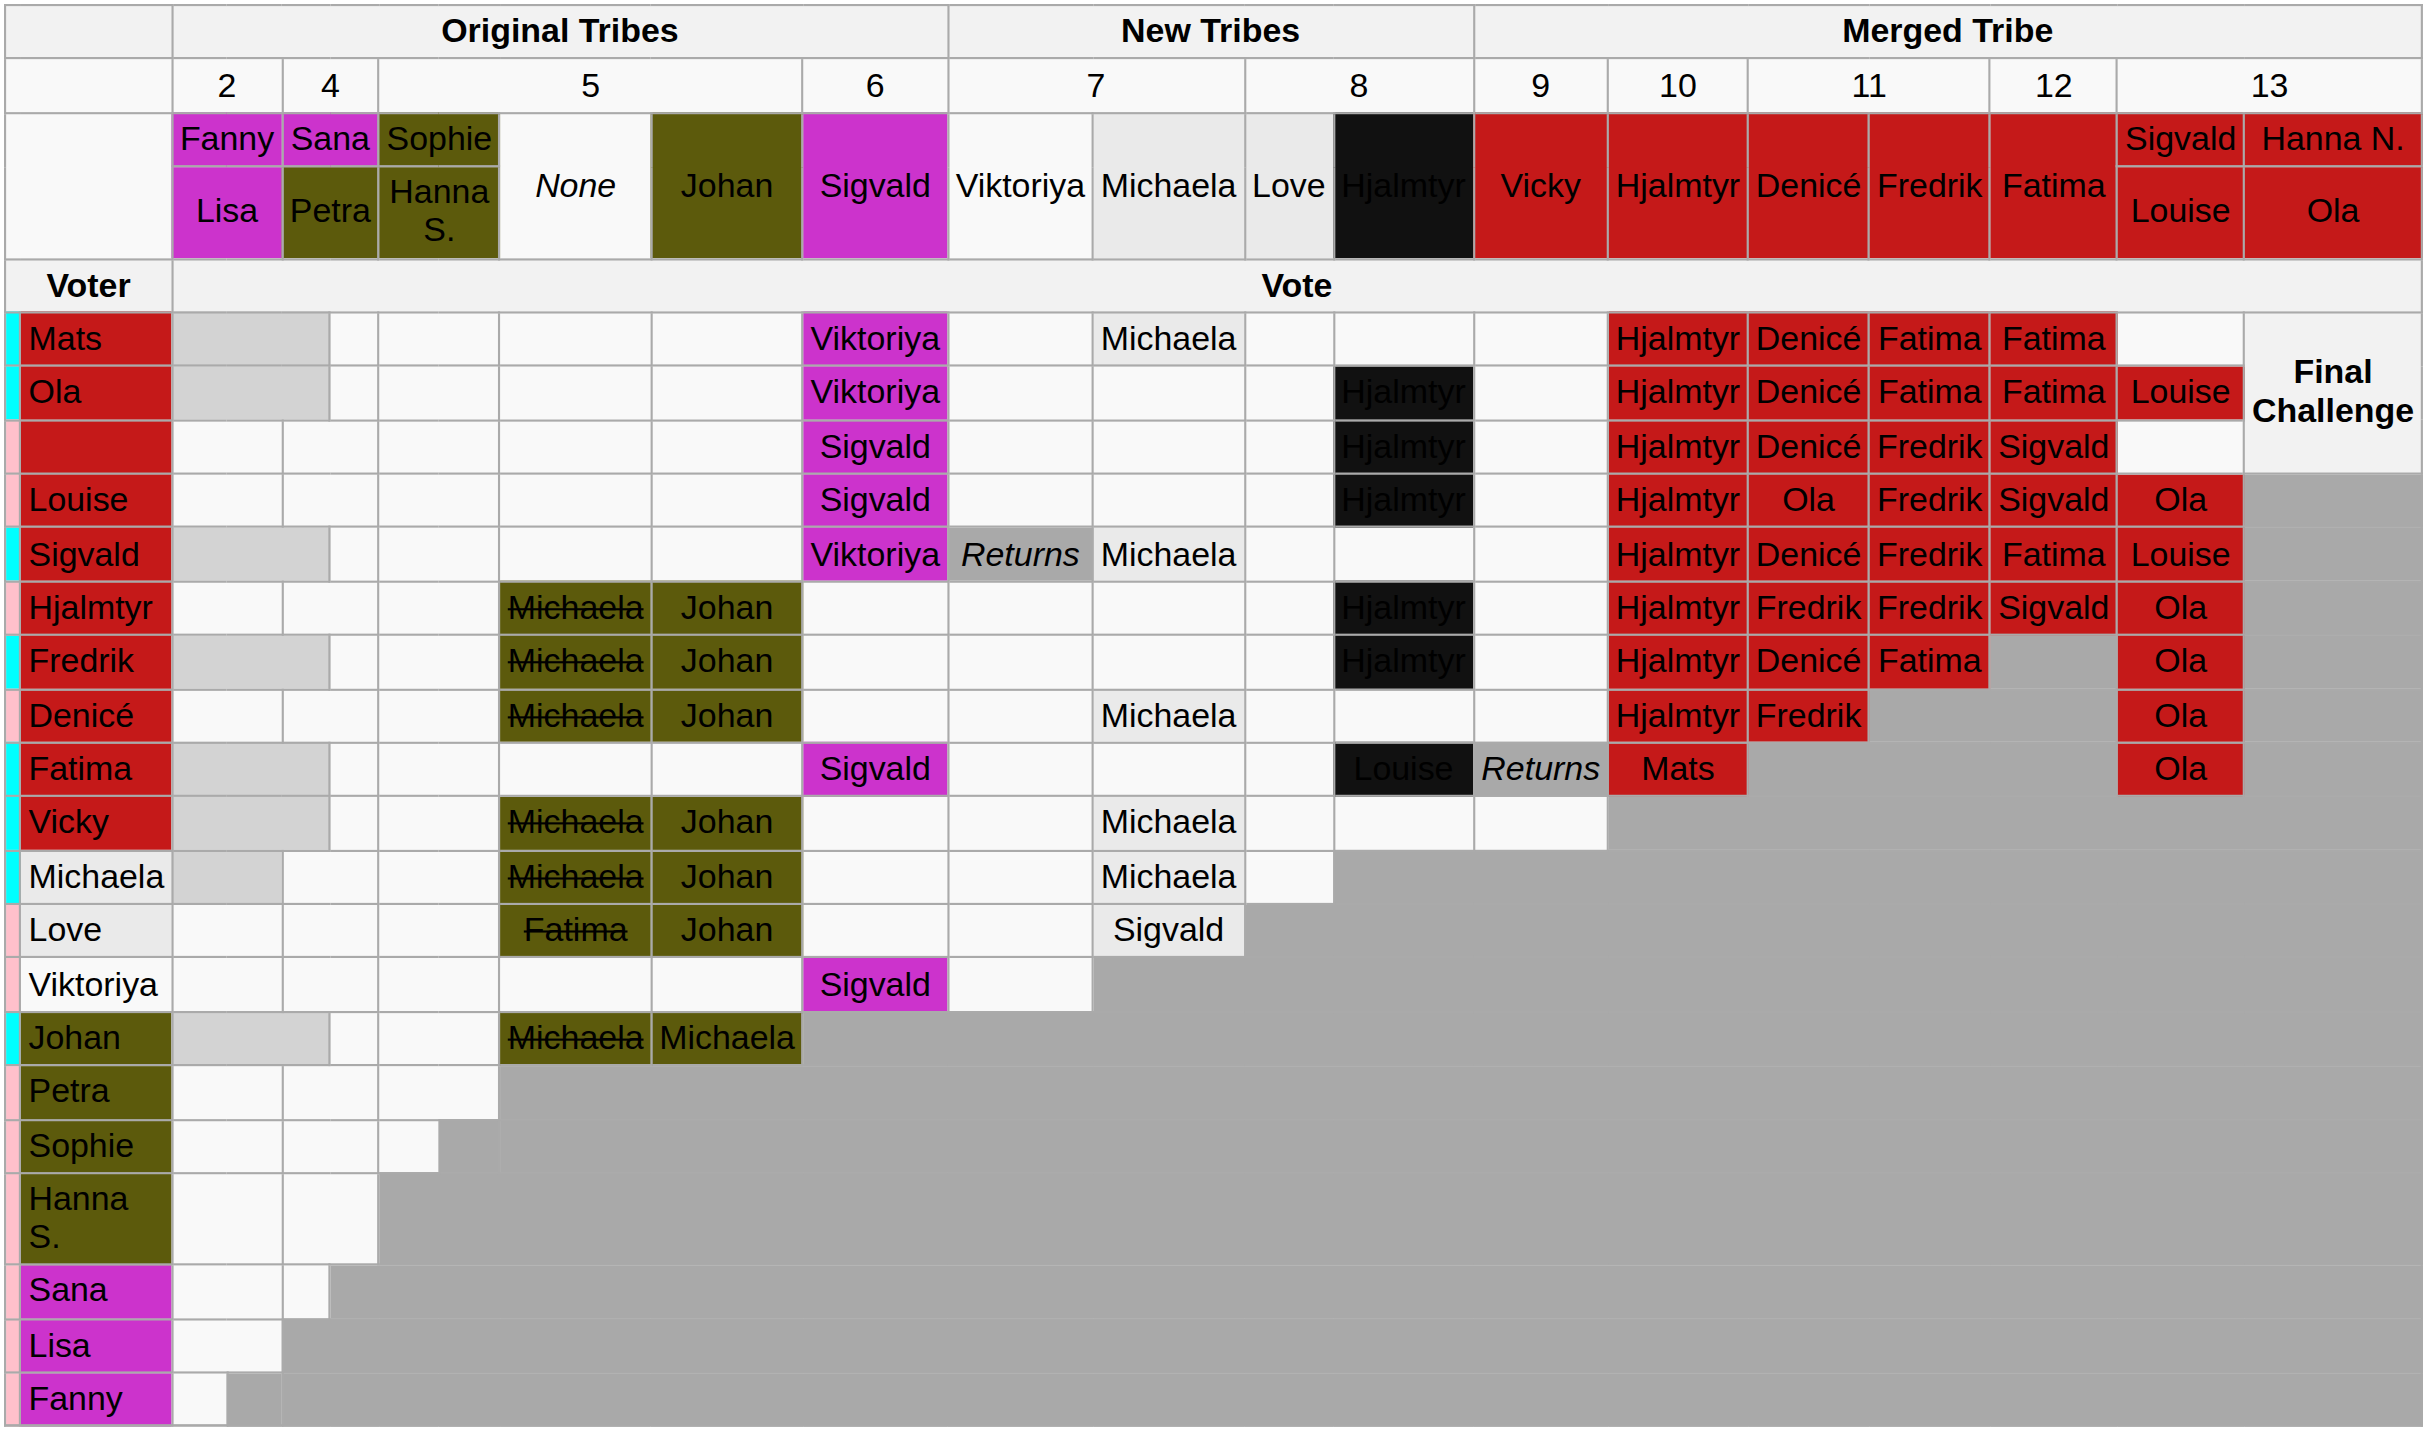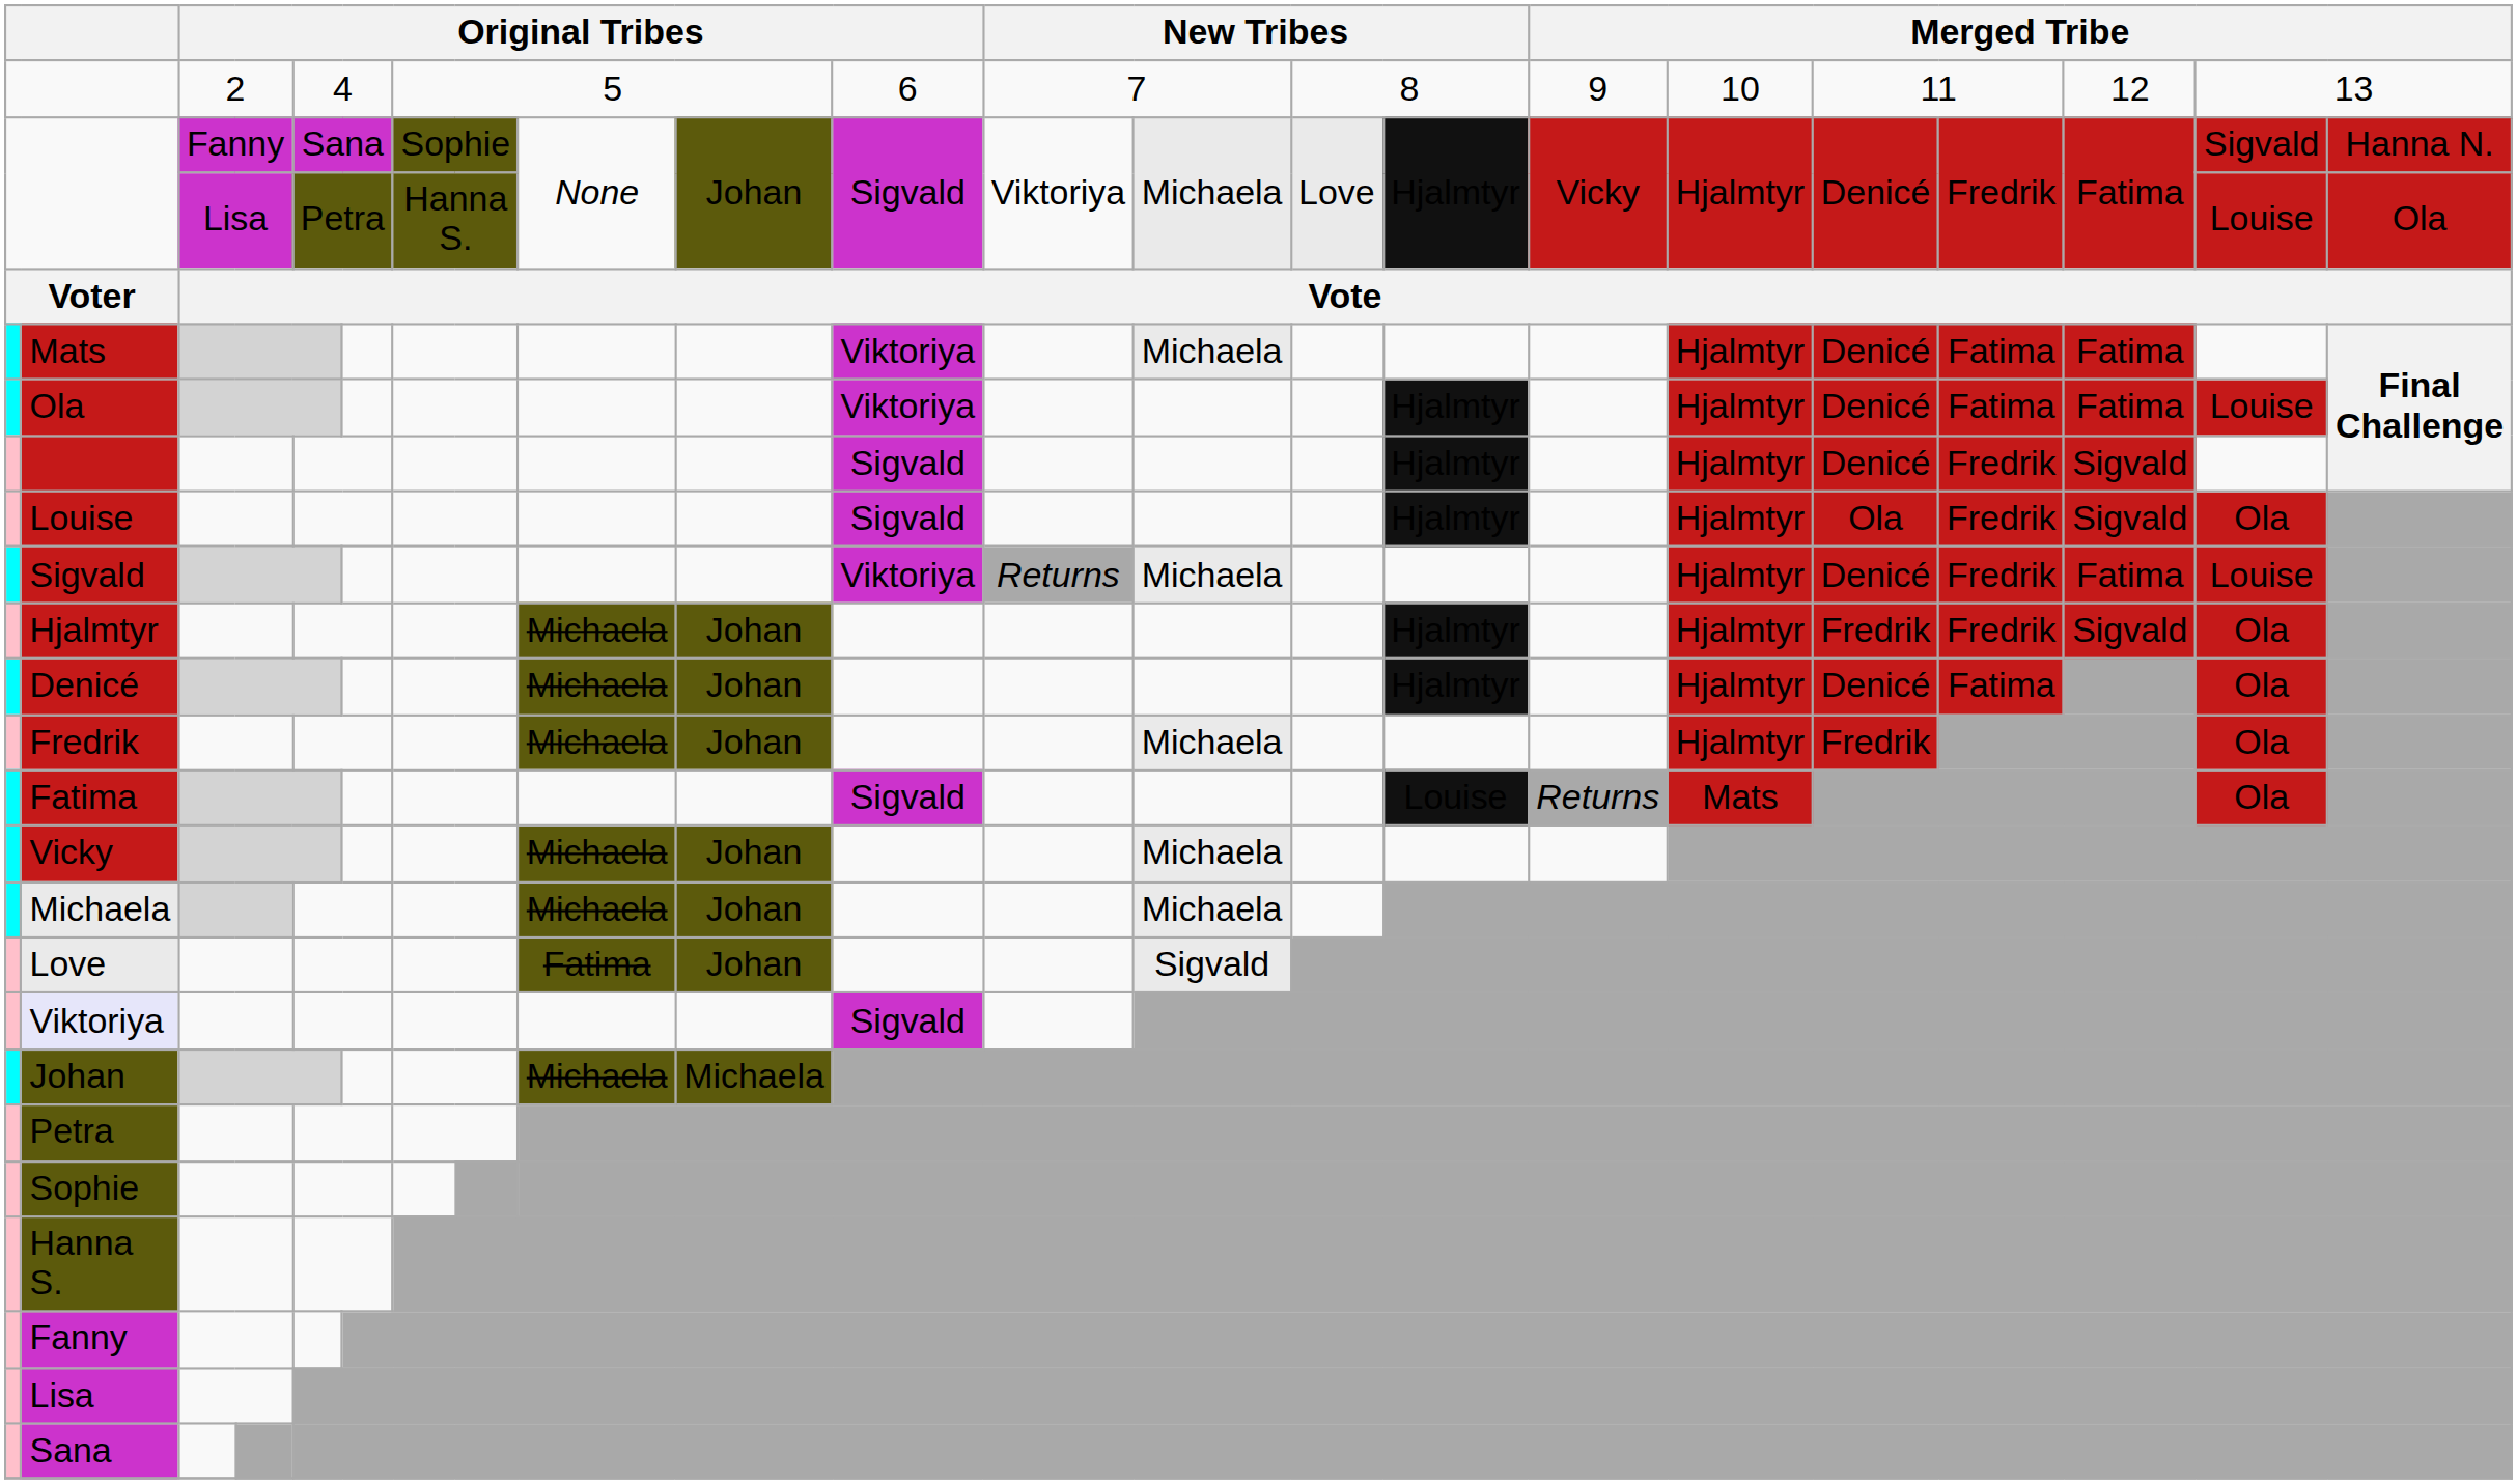 <table class="wikitable" style="text-align:center;">
 <tr>
 <th colspan=2></th>
 <th colspan=9>Original Tribes</th>
 <th colspan=4>New Tribes</th>
 <th colspan=7>Merged Tribe</th>
 </tr>
 <tr>
 <td colspan=2 align=left></td>
 <td colspan=2>2</td>
 <td colspan=2>4</td>
 <td colspan=4>5</td>
 <td>6</td>
 <td colspan=2>7</td>
 <td colspan=2>8</td>
 <td>9</td>
 <td>10</td>
 <td colspan=2>11</td>
 <td>12</td>
 <td colspan=2>13</td>
 </tr>
 <tr>
 <td colspan=2 rowspan=2 align=left></td>
 <td width=51 colspan=2 bgcolor=#CC33CC><span>Fanny</span></td>
 <td width=51 colspan=2 bgcolor=#CC33CC><span>Sana</span></td>
 <td colspan=2 bgcolor=#5C5A0C><span>Sophie</span></td>
 <td rowspan=2><em>None</em></td>
 <td rowspan=2 bgcolor=#5C5A0C><span>Johan<br></span></td>
 <td rowspan=2 bgcolor=#CC33CC><span>Sigvald<br></span></td>
 <td rowspan=2>Viktoriya<br></td>
 <td rowspan=2 bgcolor=#EAEAEA>Michaela<br></td>
 <td rowspan=2 bgcolor=#EAEAEA>Love<br></td>
 <td rowspan=2 bgcolor=#111111><span>Hjalmtyr<br></span></td>
 <td rowspan=2 bgcolor=#C51919><span>Vicky<br></span></td>
 <td rowspan=2 bgcolor=#C51919><span>Hjalmtyr<br></span></td>
 <td rowspan=2 bgcolor=#C51919><span>Denicé<br></span></td>
 <td rowspan=2 bgcolor=#C51919><span>Fredrik<br></span></td>
 <td rowspan=2 bgcolor=#C51919><span>Fatima</span><br></td>
 <td width=51 bgcolor=#C51919><span>Sigvald</span></td>
 <td bgcolor=#C51919><span>Hanna N.</span></td>
 </tr>
 <tr>
 <td colspan=2 bgcolor=#CC33CC><span>Lisa</span></td>
 <td colspan=2 bgcolor=#5C5A0C><span>Petra</span></td>
 <td colspan=2 bgcolor=#5C5A0C><span>Hanna S.</span></td>
 <td bgcolor=#C51919><span>Louise</span></td>
 <td bgcolor=#C51919><span>Ola</span></td>
 </tr>
 <tr>
 <th colspan=2>Voter</th>
 <th colspan=20>Vote</th>
 </tr>
 <tr>
 <td style="background:cyan"></td>
 <td align=left bgcolor=#C51919><span>Mats</span></td>
 <td colspan=3 bgcolor=lightgray></td>
 <td></td>
 <td colspan=2></td>
 <td></td>
 <td></td>
 <td bgcolor=#CC33CC><span>Viktoriya</span></td>
 <td></td>
 <td bgcolor=#EAEAEA>Michaela</td>
 <td></td>
 <td></td>
 <td></td>
 <td bgcolor=#C51919><span>Hjalmtyr</span></td>
 <td bgcolor=#C51919><span>Denicé</span></td>
 <td bgcolor=#C51919><span>Fatima</span></td>
 <td bgcolor=#C51919><span>Fatima</span></td>
 <td></td>
 <th rowspan=3>Final<br>Challenge</th>
 </tr>
 <tr>
 <td style="background:cyan"></td>
 <td align=left bgcolor=#C51919><span>Ola</span></td>
 <td colspan=3 bgcolor=lightgray></td>
 <td></td>
 <td colspan=2></td>
 <td></td>
 <td></td>
 <td bgcolor=#CC33CC><span>Viktoriya</span></td>
 <td></td>
 <td></td>
 <td></td>
 <td bgcolor=#111111><span>Hjalmtyr</span></td>
 <td></td>
 <td bgcolor=#C51919><span>Hjalmtyr</span></td>
 <td bgcolor=#C51919><span>Denicé</span></td>
 <td bgcolor=#C51919><span>Fatima</span></td>
 <td bgcolor=#C51919><span>Fatima</span></td>
 <td bgcolor=#C51919><span>Louise</span></td>
 </tr>
 <tr>
 <td style="background:pink"></td>
 <td align=left bgcolor=#C51919><span></span></td>
 <td colspan=2></td>
 <td colspan=2></td>
 <td colspan=2></td>
 <td></td>
 <td></td>
 <td bgcolor=#CC33CC><span>Sigvald</span></td>
 <td></td>
 <td></td>
 <td></td>
 <td bgcolor=#111111><span>Hjalmtyr</span></td>
 <td></td>
 <td bgcolor=#C51919><span>Hjalmtyr</span></td>
 <td bgcolor=#C51919><span>Denicé</span></td>
 <td bgcolor=#C51919><span>Fredrik</span></td>
 <td bgcolor=#C51919><span>Sigvald</span></td>
 <td></td>
 </tr>
 <tr>
 <td style="background:pink"></td>
 <td align=left bgcolor=#C51919><span>Louise</span></td>
 <td colspan=2></td>
 <td colspan=2></td>
 <td colspan=2></td>
 <td></td>
 <td></td>
 <td bgcolor=#CC33CC><span>Sigvald</span></td>
 <td></td>
 <td></td>
 <td></td>
 <td bgcolor=#111111><span>Hjalmtyr</span></td>
 <td></td>
 <td bgcolor=#C51919><span>Hjalmtyr</span></td>
 <td bgcolor=#C51919><span>Ola</span></td>
 <td bgcolor=#C51919><span>Fredrik</span></td>
 <td bgcolor=#C51919><span>Sigvald</span></td>
 <td bgcolor=#C51919><span>Ola</span></td>
 <td colspan=1 bgcolor=darkgray></td>
 </tr>
 <tr>
 <td style="background:cyan"></td>
 <td align=left bgcolor=#C51919><span>Sigvald</span></td>
 <td colspan=3 bgcolor=lightgray></td>
 <td></td>
 <td colspan=2></td>
 <td></td>
 <td></td>
 <td bgcolor=#CC33CC><span>Viktoriya</span></td>
 <td bgcolor=darkgray><em>Returns</em></td>
 <td bgcolor=#EAEAEA>Michaela</td>
 <td></td>
 <td></td>
 <td></td>
 <td bgcolor=#C51919><span>Hjalmtyr</span></td>
 <td bgcolor=#C51919><span>Denicé</span></td>
 <td bgcolor=#C51919><span>Fredrik</span></td>
 <td bgcolor=#C51919><span>Fatima</span></td>
 <td bgcolor=#C51919><span>Louise</span></td>
 <td colspan=1 bgcolor=darkgray></td>
 </tr>
 <tr>
 <td style="background:pink"></td>
 <td align=left bgcolor=#C51919><span>Hjalmtyr</span></td>
 <td colspan=2></td>
 <td colspan=2></td>
 <td colspan=2></td>
 <td bgcolor=#5C5A0C><span><s>Michaela</s></span></td>
 <td bgcolor=#5C5A0C><span>Johan</span></td>
 <td></td>
 <td></td>
 <td></td>
 <td></td>
 <td bgcolor=#111111><span>Hjalmtyr</span></td>
 <td></td>
 <td bgcolor=#C51919><span>Hjalmtyr</span></td>
 <td bgcolor=#C51919><span>Fredrik</span></td>
 <td bgcolor=#C51919><span>Fredrik</span></td>
 <td bgcolor=#C51919><span>Sigvald</span></td>
 <td bgcolor=#C51919><span>Ola</span></td>
 <td colspan=1 bgcolor=darkgray></td>
 </tr>
 <tr>
 <td style="background:cyan"></td>
-<td align=left bgcolor=#C51919><span>Fredrik</span></td>
+<td align=left bgcolor=#C51919><span>Denicé</span></td>
 <td colspan=3 bgcolor=lightgray></td>
 <td></td>
 <td colspan=2></td>
 <td bgcolor=#5C5A0C><span><s>Michaela</s></span></td>
 <td bgcolor=#5C5A0C><span>Johan</span></td>
 <td></td>
 <td></td>
 <td></td>
 <td></td>
 <td bgcolor=#111111><span>Hjalmtyr</span></td>
 <td></td>
 <td bgcolor=#C51919><span>Hjalmtyr</span></td>
 <td bgcolor=#C51919><span>Denicé</span></td>
 <td bgcolor=#C51919><span>Fatima</span></td>
 <td colspan=1 bgcolor=darkgray></td>
 <td bgcolor=#C51919><span>Ola</span></td>
 <td colspan=1 bgcolor=darkgray></td>
 </tr>
 <tr>
 <td style="background:pink"></td>
-<td align=left bgcolor=#C51919><span>Denicé</span></td>
+<td align=left bgcolor=#C51919><span>Fredrik</span></td>
 <td colspan=2></td>
 <td colspan=2></td>
 <td colspan=2></td>
 <td bgcolor=#5C5A0C><span><s>Michaela</s></span></td>
 <td bgcolor=#5C5A0C><span>Johan</span></td>
 <td></td>
 <td></td>
 <td bgcolor=#EAEAEA>Michaela</td>
 <td></td>
 <td></td>
 <td></td>
 <td bgcolor=#C51919><span>Hjalmtyr</span></td>
 <td bgcolor=#C51919><span>Fredrik</span></td>
 <td colspan=2 bgcolor=darkgray></td>
 <td bgcolor=#C51919><span>Ola</span></td>
 <td colspan=1 bgcolor=darkgray></td>
 </tr>
 <tr>
 <td style="background:cyan"></td>
 <td align=left bgcolor=#C51919><span>Fatima</span></td>
 <td colspan=3 bgcolor=lightgray></td>
 <td></td>
 <td colspan=2></td>
 <td></td>
 <td></td>
 <td bgcolor=#CC33CC><span>Sigvald</span></td>
 <td></td>
 <td></td>
 <td></td>
 <td bgcolor=#111111><span>Louise</span></td>
 <td bgcolor=darkgray><em>Returns</em></td>
 <td bgcolor=#C51919><span>Mats</span></td>
 <td colspan=3 bgcolor=darkgray></td>
 <td bgcolor=#C51919><span>Ola</span></td>
 <td colspan=1 bgcolor=darkgray></td>
 </tr>
 <tr>
 <td style="background:cyan"></td>
 <td align=left bgcolor=#C51919><span>Vicky</span></td>
 <td colspan=3 bgcolor=lightgray></td>
 <td></td>
 <td colspan=2></td>
 <td bgcolor=#5C5A0C><span><s>Michaela</s></span></td>
 <td bgcolor=#5C5A0C><span>Johan</span></td>
 <td></td>
 <td></td>
 <td bgcolor=#EAEAEA>Michaela</td>
 <td></td>
 <td></td>
 <td></td>
 <td colspan=6 bgcolor=darkgray></td>
 </tr>
 <tr>
 <td style="background:cyan"></td>
 <td align=left bgcolor=#EAEAEA>Michaela</td>
 <td colspan=2 bgcolor=lightgray></td>
 <td colspan=2></td>
 <td colspan=2></td>
 <td bgcolor=#5C5A0C><span><s>Michaela</s></span></td>
 <td bgcolor=#5C5A0C><span>Johan</span></td>
 <td></td>
 <td></td>
 <td bgcolor=#EAEAEA>Michaela</td>
 <td></td>
 <td colspan=8 bgcolor=darkgray></td>
 </tr>
 <tr>
 <td style="background:pink"></td>
 <td align=left bgcolor=#EAEAEA>Love</td>
 <td colspan=2></td>
 <td colspan=2></td>
 <td colspan=2></td>
 <td bgcolor=#5C5A0C><span><s>Fatima</s></span></td>
 <td bgcolor=#5C5A0C><span>Johan</span></td>
 <td></td>
 <td></td>
 <td bgcolor=#EAEAEA>Sigvald</td>
 <td colspan=9 bgcolor=darkgray></td>
 </tr>
 <tr>
 <td style="background:pink"></td>
-<td align=left>Viktoriya</td>
+<td align=left style="background: lavender;">Viktoriya</td>
 <td colspan=2></td>
 <td colspan=2></td>
 <td colspan=2></td>
 <td></td>
 <td></td>
 <td bgcolor=#CC33CC><span>Sigvald</span></td>
 <td></td>
 <td colspan=10 bgcolor=darkgray></td>
 </tr>
 <tr>
 <td style="background:cyan"></td>
 <td align=left bgcolor=#5C5A0C><span>Johan</span></td>
 <td colspan=3 bgcolor=lightgray></td>
 <td></td>
 <td colspan=2></td>
 <td bgcolor=#5C5A0C><span><s>Michaela</s></span></td>
 <td bgcolor=#5C5A0C><span>Michaela</span></td>
 <td colspan=12 bgcolor=darkgray></td>
 </tr>
 <tr>
 <td style="background:pink"></td>
 <td align=left bgcolor=#5C5A0C><span>Petra</span></td>
 <td colspan=2></td>
 <td colspan=2></td>
 <td colspan=2></td>
 <td colspan=14 bgcolor=darkgray></td>
 </tr>
 <tr>
 <td style="background:pink"></td>
 <td align=left bgcolor=#5C5A0C><span>Sophie</span></td>
 <td colspan=2></td>
 <td colspan=2></td>
 <td></td>
 <td colspan=1 bgcolor=darkgray></td>
 <td colspan=14 bgcolor=darkgray></td>
 </tr>
 <tr>
 <td style="background:pink"></td>
 <td align=left bgcolor=#5C5A0C><span>Hanna S.</span></td>
 <td colspan=2></td>
 <td colspan=2></td>
 <td colspan=16 bgcolor=darkgray></td>
 </tr>
 <tr>
 <td style="background:pink"></td>
-<td align=left bgcolor=#CC33CC><span>Sana</span></td>
+<td align=left bgcolor=#CC33CC><span>Fanny</span></td>
 <td colspan=2></td>
 <td></td>
 <td colspan=17 bgcolor=darkgray></td>
 </tr>
 <tr>
 <td style="background:pink"></td>
 <td align=left bgcolor=#CC33CC><span>Lisa</span></td>
 <td colspan=2></td>
 <td colspan=18 bgcolor=darkgray></td>
 </tr>
 <tr>
 <td style="background:pink"></td>
-<td align=left bgcolor=#CC33CC><span>Fanny</span></td>
+<td align=left bgcolor=#CC33CC><span>Sana</span></td>
 <td></td>
 <td bgcolor=darkgray></td>
 <td colspan=18 bgcolor=darkgray></td>
 </tr>
 <tr>
 </tr>
 </table>
